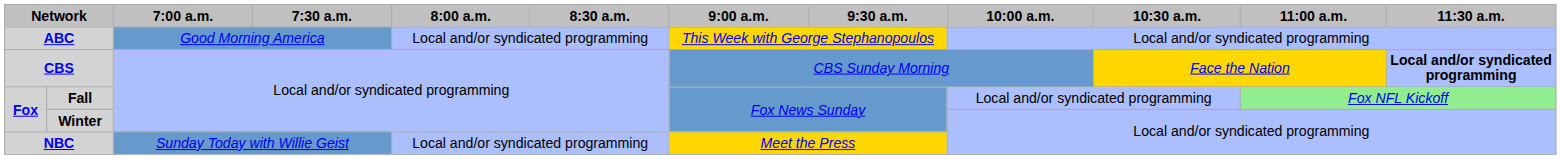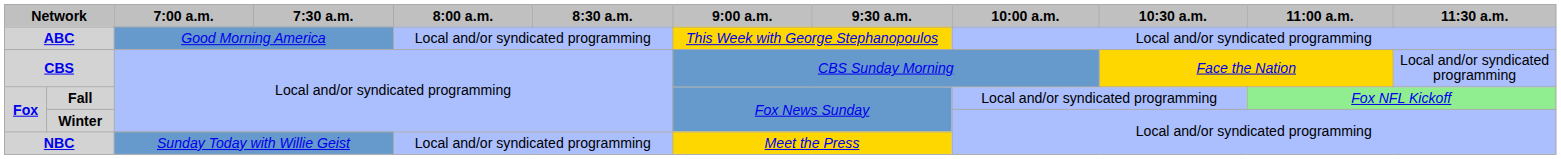 <table class="wikitable sortable" style="width:100%;margin-right:0;font-size:90%;text-align:center">
 <tr>
 <th colspan="2" style="background:#C0C0C0; width:1.5%; text-align:center;">Network</th>
 <th width="4%" style="background:#C0C0C0; text-align:center;">7:00 a.m.</th>
 <th width="4%" style="background:#C0C0C0; text-align:center;">7:30 a.m.</th>
 <th width="4%" style="background:#C0C0C0; text-align:center;">8:00 a.m.</th>
 <th width="4%" style="background:#C0C0C0; text-align:center;">8:30 a.m.</th>
 <th width="4%" style="background:#C0C0C0; text-align:center;">9:00 a.m.</th>
 <th width="4%" style="background:#C0C0C0; text-align:center;">9:30 a.m.</th>
 <th width="4%" style="background:#C0C0C0; text-align:center;">10:00 a.m.</th>
 <th width="4%" style="background:#C0C0C0; text-align:center;">10:30 a.m.</th>
 <th width="4%" style="background:#C0C0C0; text-align:center;">11:00 a.m.</th>
 <th width="4%" style="background:#C0C0C0; text-align:center;">11:30 a.m.</th>
 </tr>
 <tr>
 <th colspan="2" style="background:#D3D3D3;"><a href='#'>ABC</a></th>
 <td colspan="2" style="background: #6699CC;"><em><a href='#'>Good Morning America</a></em></td>
 <td colspan="2" style="background:#abbfff;">Local and/or syndicated programming</td>
 <td colspan="2" style="background:#ffd700;"><em><a href='#'>This Week with George Stephanopoulos</a></em></td>
 <td colspan="4" style="background:#abbfff;">Local and/or syndicated programming</td>
 </tr>
 <tr>
 <th colspan="2" style="background:#D3D3D3;"><a href='#'>CBS</a></th>
 <td colspan="4" rowspan="3" style="background:#abbfff;">Local and/or syndicated programming</td>
 <td colspan="3" style="background: #6699CC;"><em><a href='#'>CBS Sunday Morning</a></em></td>
 <td colspan="2" style="background:#ffd700;"><em><a href='#'>Face the Nation</a></em></td>
-<td style="background:#abbfff;"><strong>Local and/or syndicated programming</strong></td>
+<td style="background:#abbfff;">Local and/or syndicated programming</td>
 </tr>
 <tr>
 <th rowspan="2" style="background:#D3D3D3;"><a href='#'>Fox</a></th>
 <th style="background:#D3D3D3;">Fall</th>
 <td colspan="2" rowspan="2" style="background: #6699CC;"><em><a href='#'>Fox News Sunday</a></em></td>
 <td colspan="2" rowspan="1" style="background:#abbfff">Local and/or syndicated programming</td>
 <td colspan="2" style="background:lightgreen;"><em><a href='#'>Fox NFL Kickoff</a></em></td>
 </tr>
 <tr>
 <th style="background:#D3D3D3;">Winter</th>
 <td colspan="4" rowspan="2" style="background:#abbfff">Local and/or syndicated programming</td>
 </tr>
 <tr>
 <th colspan="2" style="background:#D3D3D3;"><a href='#'>NBC</a></th>
 <td colspan="2" style="background: #6699CC;"><em><a href='#'>Sunday Today with Willie Geist</a></em></td>
 <td colspan="2" style="background:#abbfff;">Local and/or syndicated programming</td>
 <td colspan="2" style="background:#ffd700;"><em><a href='#'>Meet the Press</a></em></td>
 </tr>
 </table>
